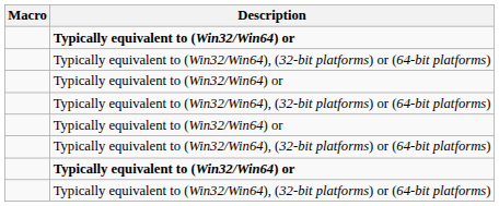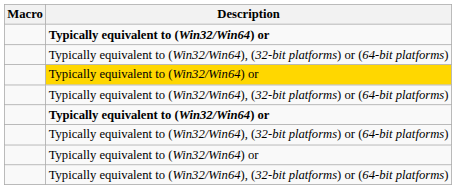 <table class="wikitable">
 <tr>
 <th>Macro</th>
 <th>Description</th>
+</tr>
+<tr>
+<td></td>
+<td><strong>Typically equivalent to  (<em>Win32/Win64</em>) or </strong></td>
+</tr>
+<tr>
+<td></td>
+<td>Typically equivalent to  (<em>Win32/Win64</em>),  (<em>32-bit platforms</em>) or  (<em>64-bit platforms</em>)</td>
+</tr>
+<tr>
+<td></td>
+<td style="background: gold;">Typically equivalent to  (<em>Win32/Win64</em>) or </td>
+</tr>
+<tr>
+<td></td>
+<td>Typically equivalent to  (<em>Win32/Win64</em>),  (<em>32-bit platforms</em>) or  (<em>64-bit platforms</em>)</td>
 </tr>
 <tr>
 <td></td>
 <td><strong>Typically equivalent to  (<em>Win32/Win64</em>) or </strong></td>
 </tr>
 <tr>
 <td></td>
 <td>Typically equivalent to  (<em>Win32/Win64</em>),  (<em>32-bit platforms</em>) or  (<em>64-bit platforms</em>)</td>
 </tr>
 <tr>
 <td></td>
 <td>Typically equivalent to  (<em>Win32/Win64</em>) or </td>
 </tr>
 <tr>
 <td></td>
 <td>Typically equivalent to  (<em>Win32/Win64</em>),  (<em>32-bit platforms</em>) or  (<em>64-bit platforms</em>)</td>
 </tr>
-<tr>
-<td></td>
-<td>Typically equivalent to  (<em>Win32/Win64</em>) or </td>
-</tr>
-<tr>
-<td></td>
-<td>Typically equivalent to  (<em>Win32/Win64</em>),  (<em>32-bit platforms</em>) or  (<em>64-bit platforms</em>)</td>
-</tr>
-<tr>
-<td></td>
-<td><strong>Typically equivalent to  (<em>Win32/Win64</em>) or </strong></td>
-</tr>
-<tr>
-<td></td>
-<td>Typically equivalent to  (<em>Win32/Win64</em>),  (<em>32-bit platforms</em>) or  (<em>64-bit platforms</em>)</td>
-</tr>
 </table>
